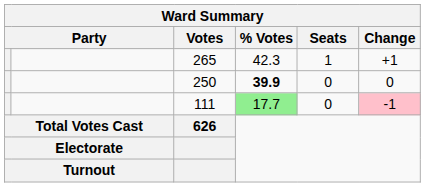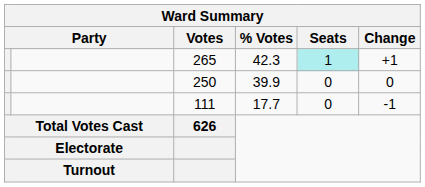 <table class="wikitable" style="font-size: 95%;">
 <tr style="background-color:#E9E9E9">
 <th colspan="6">Ward Summary</th>
 </tr>
 <tr style="background-color:#E9E9E9">
 <th colspan="2">Party</th>
 <th style="width: 60px">Votes</th>
 <th style="width: 60px">% Votes</th>
 <th style="width: 60px">Seats</th>
 <th style="width: 60px">Change</th>
 </tr>
 <tr>
 <th style="background-color: "></th>
 <td style="width: 170px"><a href='#'></a></td>
 <td align="center">265</td>
 <td align="center">42.3</td>
-<td align="center">1</td>
+<td align="center" style="background: paleturquoise;">1</td>
 <td align="center">+1</td>
 </tr>
 <tr>
 <th style="background-color: "></th>
 <td style="width: 170px"><a href='#'></a></td>
 <td align="center">250</td>
-<td align="center"><strong>39.9</strong></td>
+<td align="center">39.9</td>
 <td align="center">0</td>
 <td align="center">0</td>
 </tr>
 <tr>
 <th style="background-color: "></th>
 <td style="width: 170px"><a href='#'></a></td>
 <td align="center">111</td>
-<td align="center" style="background: lightgreen;">17.7</td>
+<td align="center">17.7</td>
 <td align="center">0</td>
-<td align="center" style="background: pink;">-1</td>
+<td align="center">-1</td>
 </tr>
 <tr style="background-color:#E9E9E9">
 <th colspan="2">Total Votes Cast</th>
 <th style="width: 60px">626</th>
 </tr>
 <tr style="background-color:#E9E9E9">
 <th colspan="2">Electorate</th>
 <th style="width: 60px"></th>
 </tr>
 <tr style="background-color:#E9E9E9">
 <th colspan="2">Turnout</th>
 <th style="width: 60px"></th>
 </tr>
 </table>
